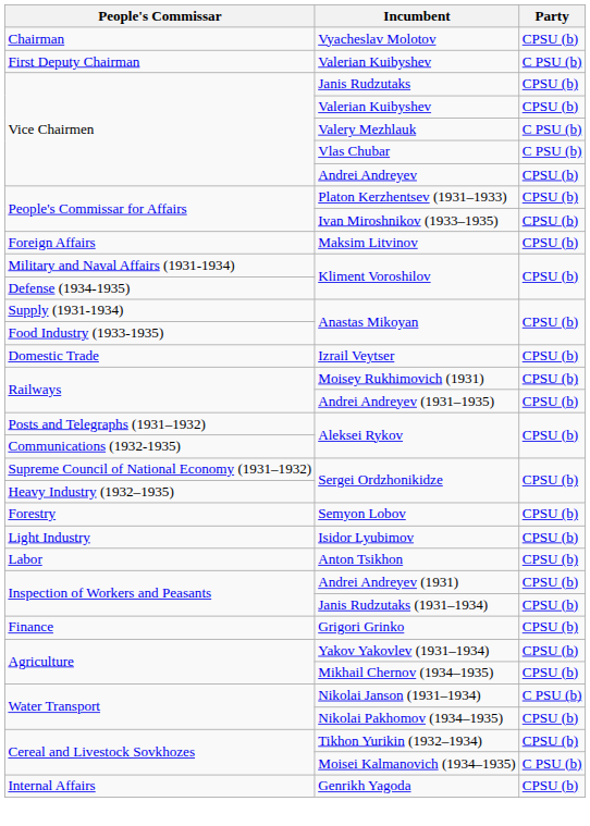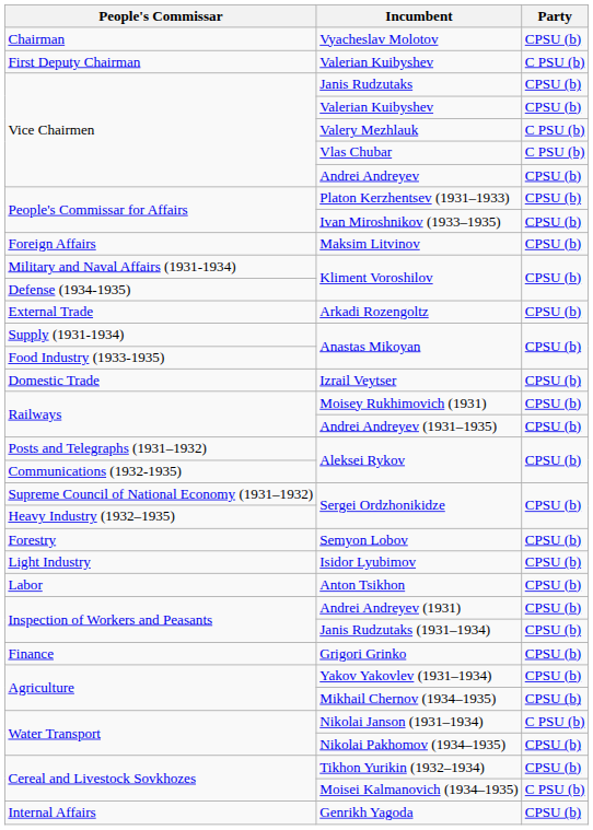 <table class="wikitable">
 <tr>
 <th>People's Commissar</th>
 <th>Incumbent</th>
 <th>Party</th>
 </tr>
 <tr>
 <td><a href='#'>Chairman</a></td>
 <td><a href='#'>Vyacheslav Molotov</a></td>
 <td><a href='#'>CPSU (b)</a></td>
 </tr>
 <tr>
 <td><a href='#'>First Deputy Chairman</a></td>
 <td><a href='#'>Valerian Kuibyshev</a></td>
 <td><a href='#'>C  PSU (b)</a></td>
 </tr>
 <tr>
 <td rowspan="5">Vice Chairmen</td>
 <td><a href='#'>Janis Rudzutaks</a></td>
 <td><a href='#'>CPSU (b)</a></td>
 </tr>
 <tr>
 <td><a href='#'>Valerian Kuibyshev</a></td>
 <td><a href='#'>CPSU (b)</a></td>
 </tr>
 <tr>
 <td><a href='#'>Valery Mezhlauk</a></td>
 <td><a href='#'>C  PSU (b)</a></td>
 </tr>
 <tr>
 <td><a href='#'>Vlas Chubar</a></td>
 <td><a href='#'>C  PSU (b)</a></td>
 </tr>
 <tr>
 <td><a href='#'>Andrei Andreyev</a></td>
 <td><a href='#'>CPSU (b)</a></td>
 </tr>
 <tr>
 <td rowspan="2"><a href='#'>People's Commissar for Affairs</a></td>
 <td><a href='#'>Platon Kerzhentsev</a> (1931–1933)</td>
 <td><a href='#'>CPSU (b)</a></td>
 </tr>
 <tr>
 <td><a href='#'>Ivan Miroshnikov</a> (1933–1935)</td>
 <td><a href='#'>CPSU (b)</a></td>
 </tr>
 <tr>
 <td><a href='#'>Foreign Affairs</a></td>
 <td><a href='#'>Maksim Litvinov</a></td>
 <td><a href='#'>CPSU (b)</a></td>
 </tr>
 <tr>
 <td><a href='#'>Military and Naval Affairs</a> (1931-1934)</td>
 <td rowspan="2"><a href='#'>Kliment Voroshilov</a></td>
 <td rowspan="2"><a href='#'>CPSU (b)</a></td>
 </tr>
 <tr>
 <td><a href='#'>Defense</a> (1934-1935)</td>
+</tr>
+<tr>
+<td><a href='#'>External Trade</a></td>
+<td><a href='#'>Arkadi Rozengoltz</a></td>
+<td><a href='#'>CPSU (b)</a></td>
 </tr>
 <tr>
 <td><a href='#'>Supply</a> (1931-1934)</td>
 <td rowspan="2"><a href='#'>Anastas Mikoyan</a></td>
 <td rowspan="2"><a href='#'>CPSU (b)</a></td>
 </tr>
 <tr>
 <td><a href='#'>Food Industry</a> (1933-1935)</td>
 </tr>
 <tr>
 <td><a href='#'>Domestic Trade</a></td>
 <td><a href='#'>Izrail Veytser</a></td>
 <td><a href='#'>CPSU (b)</a></td>
 </tr>
 <tr>
 <td rowspan="2"><a href='#'>Railways</a></td>
 <td><a href='#'>Moisey Rukhimovich</a> (1931)</td>
 <td><a href='#'>CPSU (b)</a></td>
 </tr>
 <tr>
 <td><a href='#'>Andrei Andreyev</a> (1931–1935)</td>
 <td><a href='#'>CPSU (b)</a></td>
 </tr>
 <tr>
 <td><a href='#'>Posts and Telegraphs</a> (1931–1932)</td>
 <td rowspan="2"><a href='#'>Aleksei Rykov</a></td>
 <td rowspan="2"><a href='#'>CPSU (b)</a></td>
 </tr>
 <tr>
 <td><a href='#'>Communications</a> (1932-1935)</td>
 </tr>
 <tr>
 <td><a href='#'>Supreme Council of National Economy</a> (1931–1932)</td>
 <td rowspan="2"><a href='#'>Sergei Ordzhonikidze</a></td>
 <td rowspan="2"><a href='#'>CPSU (b)</a></td>
 </tr>
 <tr>
 <td><a href='#'>Heavy Industry</a> (1932–1935)</td>
 </tr>
 <tr>
 <td><a href='#'>Forestry</a></td>
 <td><a href='#'>Semyon Lobov</a></td>
 <td><a href='#'>CPSU (b)</a></td>
 </tr>
 <tr>
 <td><a href='#'>Light Industry</a></td>
 <td><a href='#'>Isidor Lyubimov</a></td>
 <td><a href='#'>CPSU (b)</a></td>
 </tr>
 <tr>
 <td><a href='#'>Labor</a></td>
 <td><a href='#'>Anton Tsikhon</a></td>
 <td><a href='#'>CPSU (b)</a></td>
 </tr>
 <tr>
 <td rowspan="2"><a href='#'>Inspection of Workers and Peasants</a></td>
 <td><a href='#'>Andrei Andreyev</a> (1931)</td>
 <td><a href='#'>CPSU (b)</a></td>
 </tr>
 <tr>
 <td><a href='#'>Janis Rudzutaks</a> (1931–1934)</td>
 <td><a href='#'>CPSU (b)</a></td>
 </tr>
 <tr>
 <td><a href='#'>Finance</a></td>
 <td><a href='#'>Grigori Grinko</a></td>
 <td><a href='#'>CPSU (b)</a></td>
 </tr>
 <tr>
 <td rowspan="2"><a href='#'>Agriculture</a></td>
 <td><a href='#'>Yakov Yakovlev</a> (1931–1934)</td>
 <td><a href='#'>CPSU (b)</a></td>
 </tr>
 <tr>
 <td><a href='#'>Mikhail Chernov</a> (1934–1935)</td>
 <td><a href='#'>CPSU (b)</a></td>
 </tr>
 <tr>
 <td rowspan="2"><a href='#'>Water Transport</a></td>
 <td><a href='#'>Nikolai Janson</a> (1931–1934)</td>
 <td><a href='#'>C  PSU (b)</a></td>
 </tr>
 <tr>
 <td><a href='#'>Nikolai Pakhomov</a> (1934–1935)</td>
 <td><a href='#'>CPSU (b)</a></td>
 </tr>
 <tr>
 <td rowspan="2"><a href='#'>Cereal and Livestock Sovkhozes</a></td>
 <td><a href='#'>Tikhon Yurikin</a> (1932–1934)</td>
 <td><a href='#'>CPSU (b)</a></td>
 </tr>
 <tr>
 <td><a href='#'>Moisei Kalmanovich</a> (1934–1935)</td>
 <td><a href='#'>C  PSU (b)</a></td>
 </tr>
 <tr>
 <td><a href='#'>Internal Affairs</a></td>
 <td><a href='#'>Genrikh Yagoda</a></td>
 <td><a href='#'>CPSU (b)</a></td>
 </tr>
 </table>
